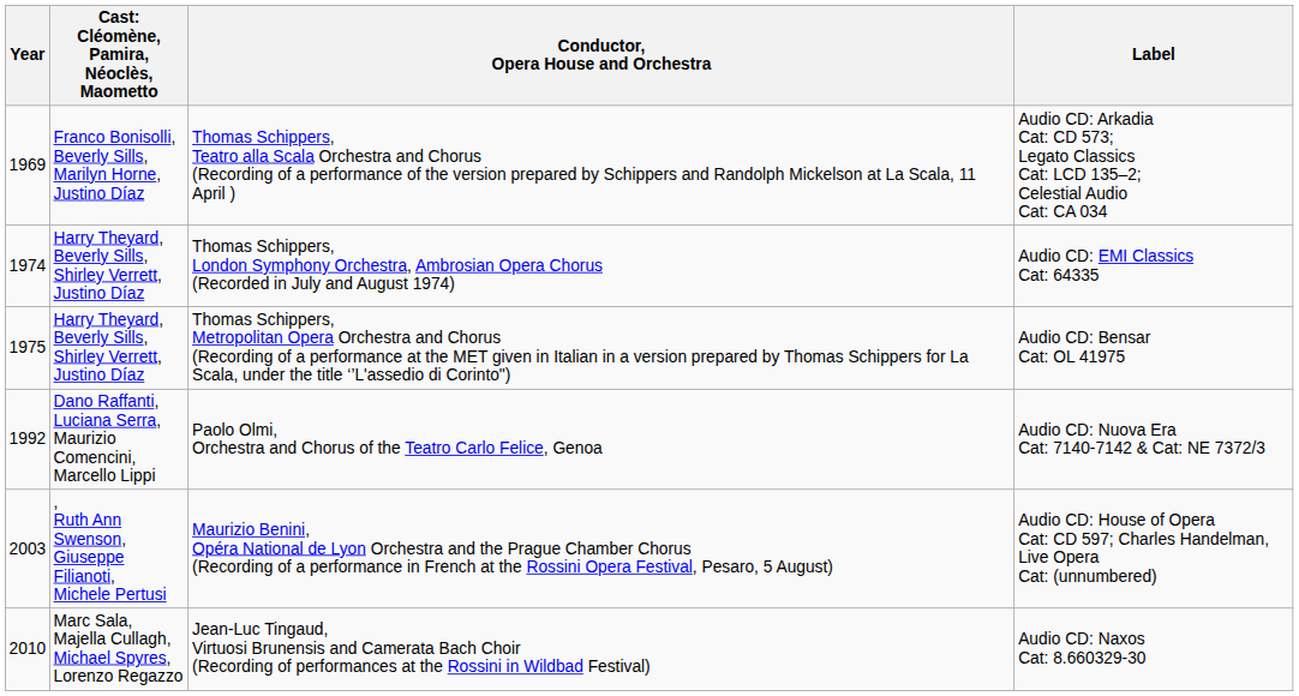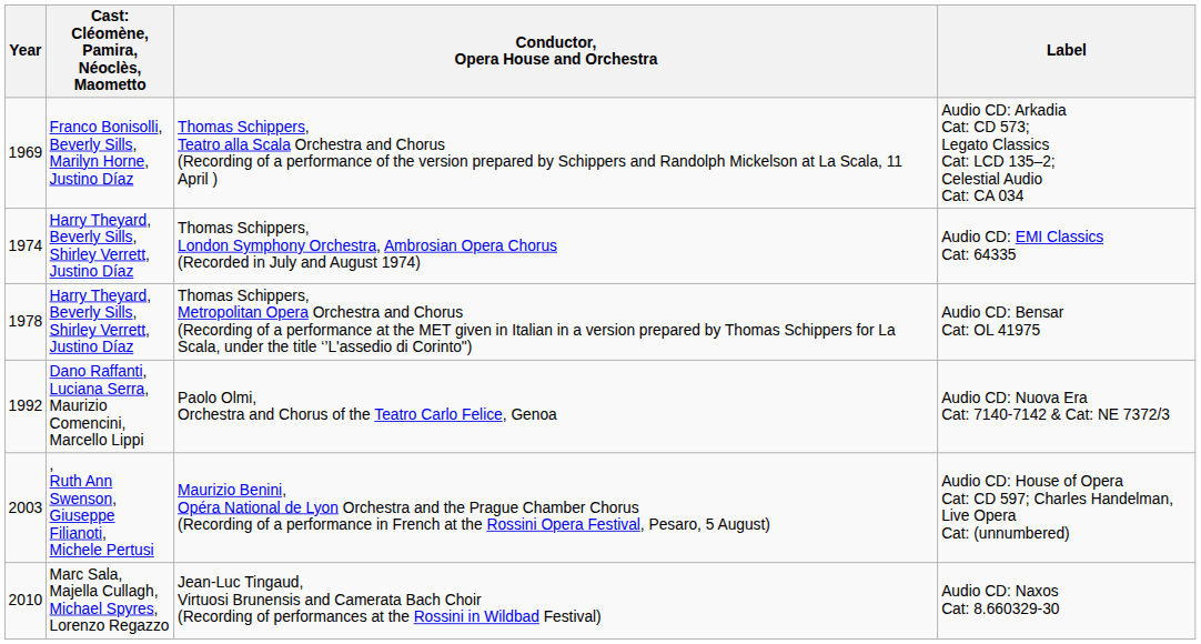 <table class="wikitable">
 <tr>
 <th>Year</th>
 <th>Cast:<br>Cléomène,<br>Pamira,<br>Néoclès,<br>Maometto</th>
 <th>Conductor,<br>Opera House and Orchestra</th>
 <th>Label </th>
 </tr>
 <tr>
 <td>1969</td>
 <td><a href='#'>Franco Bonisolli</a>,<br><a href='#'>Beverly Sills</a>,<br><a href='#'>Marilyn Horne</a>,<br><a href='#'>Justino Díaz</a></td>
 <td><a href='#'>Thomas Schippers</a>,<br><a href='#'>Teatro alla Scala</a> Orchestra and Chorus<br>(Recording of a performance of the version prepared by Schippers and Randolph Mickelson at La Scala, 11 April )</td>
 <td>Audio CD: Arkadia <br>Cat: CD 573;<br>Legato Classics<br>Cat: LCD 135–2;<br>Celestial Audio<br>Cat: CA 034</td>
 </tr>
 <tr>
 <td>1974</td>
 <td><a href='#'>Harry Theyard</a>,<br><a href='#'>Beverly Sills</a>,<br><a href='#'>Shirley Verrett</a>,<br><a href='#'>Justino Díaz</a></td>
 <td>Thomas Schippers,<br><a href='#'>London Symphony Orchestra</a>, <a href='#'>Ambrosian Opera Chorus</a><br>(Recorded in July and August 1974)</td>
 <td>Audio CD: <a href='#'>EMI Classics</a><br>Cat: 64335</td>
 </tr>
 <tr>
-<td>1975</td>
+<td>1978</td>
 <td><a href='#'>Harry Theyard</a>,<br><a href='#'>Beverly Sills</a>,<br><a href='#'>Shirley Verrett</a>,<br><a href='#'>Justino Díaz</a></td>
 <td>Thomas Schippers,<br><a href='#'>Metropolitan Opera</a> Orchestra and Chorus<br>(Recording of a performance at the MET given in Italian in a version prepared by Thomas Schippers for La Scala, under the title ‘’L'assedio di Corinto")</td>
 <td>Audio CD: Bensar<br>Cat: OL 41975</td>
 </tr>
 <tr>
 <td>1992</td>
 <td><a href='#'>Dano Raffanti</a>,<br><a href='#'>Luciana Serra</a>,<br>Maurizio Comencini,<br>Marcello Lippi</td>
 <td>Paolo Olmi,<br>Orchestra and Chorus of the <a href='#'>Teatro Carlo Felice</a>, Genoa</td>
 <td>Audio CD: Nuova Era<br>Cat: 7140-7142 & Cat: NE 7372/3</td>
 </tr>
 <tr>
 <td>2003</td>
 <td>,<br><a href='#'>Ruth Ann Swenson</a>,<br><a href='#'>Giuseppe Filianoti</a>,<br><a href='#'>Michele Pertusi</a></td>
 <td><a href='#'>Maurizio Benini</a>,<br><a href='#'>Opéra National de Lyon</a> Orchestra and the Prague Chamber Chorus<br>(Recording of a performance in French at the <a href='#'>Rossini Opera Festival</a>, Pesaro, 5 August)</td>
 <td>Audio CD: House of Opera<br>Cat: CD 597; Charles Handelman, Live Opera<br>Cat: (unnumbered)</td>
 </tr>
 <tr>
 <td>2010</td>
 <td>Marc Sala,<br>Majella Cullagh,<br><a href='#'>Michael Spyres</a>,<br>Lorenzo Regazzo</td>
 <td>Jean-Luc Tingaud,<br>Virtuosi Brunensis and Camerata Bach Choir<br>(Recording of performances at the <a href='#'>Rossini in Wildbad</a> Festival)</td>
 <td>Audio CD: Naxos<br>Cat: 8.660329-30</td>
 </tr>
 </table>
